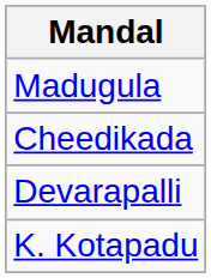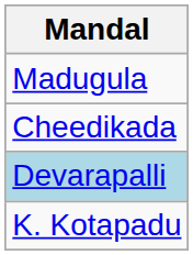 <table class="wikitable sortable static-row-numbers static-row-header-hash">
 <tr>
 <th>Mandal</th>
 </tr>
 <tr>
 <td><a href='#'>Madugula</a></td>
 </tr>
 <tr>
 <td><a href='#'>Cheedikada</a></td>
 </tr>
 <tr>
-<td><a href='#'>Devarapalli</a></td>
+<td style="background: lightblue;"><a href='#'>Devarapalli</a></td>
 </tr>
 <tr>
 <td><a href='#'>K. Kotapadu</a></td>
 </tr>
 </table>
